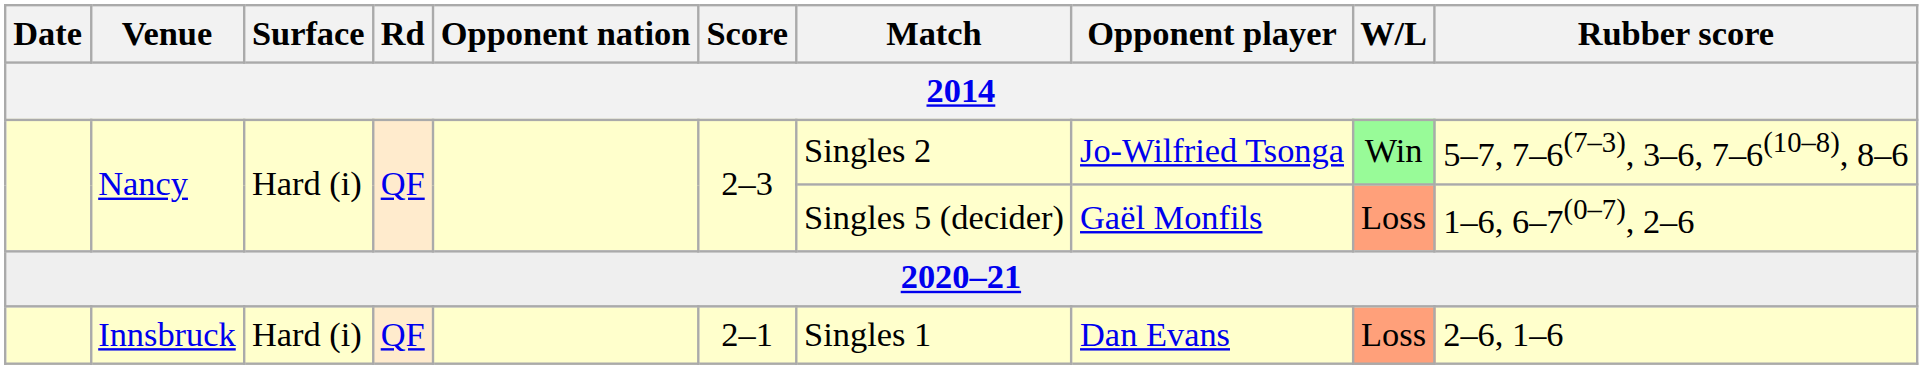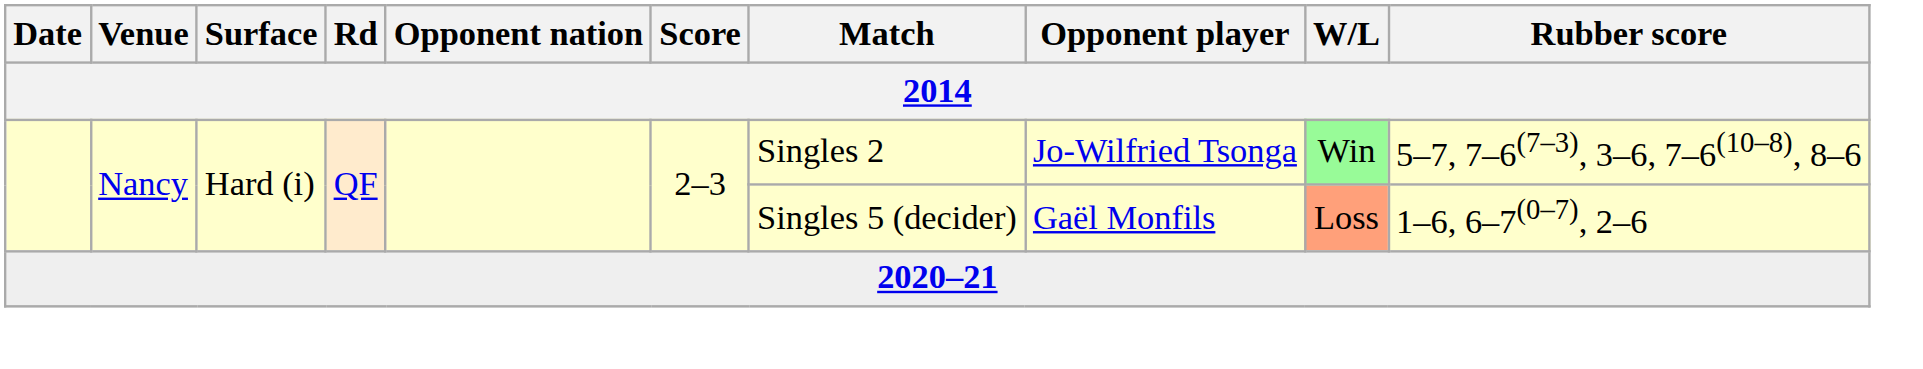 <table class="wikitable nowrap" style=font-size:90%>
 <tr>
 <th>Date</th>
 <th>Venue</th>
 <th>Surface</th>
 <th>Rd</th>
 <th>Opponent nation</th>
 <th>Score</th>
 <th>Match</th>
 <th>Opponent player</th>
 <th>W/L</th>
 <th class="unsortable">Rubber score</th>
 </tr>
 <tr>
 <th colspan=10><a href='#'>2014</a></th>
 </tr>
 <tr bgcolor="#FFFFCC">
 <td rowspan=2></td>
 <td rowspan=2><a href='#'>Nancy</a></td>
 <td rowspan=2>Hard (i)</td>
 <td rowspan=2 align="center" bgcolor=ffebcd><a href='#'>QF</a></td>
 <td rowspan=2></td>
 <td rowspan=2 align="center">2–3</td>
 <td>Singles 2</td>
 <td><a href='#'>Jo-Wilfried Tsonga</a></td>
 <td bgcolor=98FB98 align=center>Win</td>
 <td>5–7, 7–6<sup>(7–3)</sup>, 3–6, 7–6<sup>(10–8)</sup>, 8–6</td>
 </tr>
 <tr bgcolor="ffffcc">
 <td>Singles 5 (decider)</td>
 <td><a href='#'>Gaël Monfils</a></td>
 <td bgcolor=FFA07A align=center>Loss</td>
 <td>1–6, 6–7<sup>(0–7)</sup>, 2–6</td>
 </tr>
 <tr bgcolor="efefef">
 <td colspan=10 align="center"><strong><a href='#'>2020–21</a></strong></td>
 </tr>
-<tr bgcolor="ffffcc">
-<td></td>
-<td><a href='#'>Innsbruck</a></td>
-<td>Hard (i)</td>
-<td align="center" bgcolor=ffebcd><a href='#'>QF</a></td>
-<td></td>
-<td align="center">2–1</td>
-<td>Singles 1</td>
-<td><a href='#'>Dan Evans</a></td>
-<td bgcolor=FFA07A align=center>Loss</td>
-<td>2–6, 1–6</td>
-</tr>
 </table>
